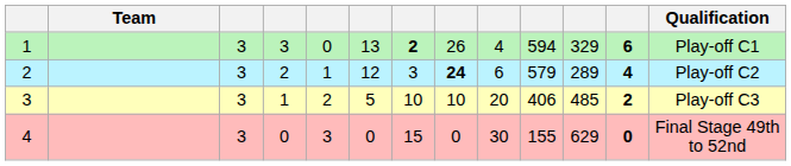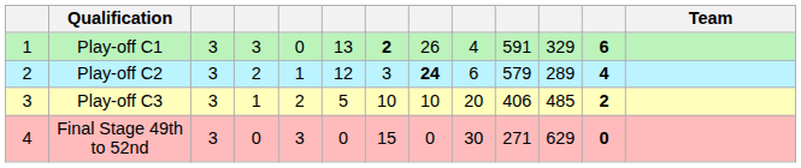 <table class=wikitable style="text-align:center" width=730>
 <tr>
 <th width=5.5%></th>
-<th width=22%>Team</th>
+<th width=18%>Qualification</th>
 <th width=5.5%></th>
 <th width=5.5%></th>
 <th width=5.5%></th>
 <th width=5.5%></th>
 <th width=5.5%></th>
 <th width=5.5%></th>
 <th width=5.5%></th>
 <th width=5.5%></th>
 <th width=5.5%></th>
 <th width=5.5%></th>
-<th width=18%>Qualification</th>
+<th width=22%>Team</th>
 </tr>
 <tr bgcolor=#bbf3bb>
 <td>1</td>
-<td style="text-align:left"></td>
+<td>Play-off C1</td>
 <td>3</td>
 <td>3</td>
 <td>0</td>
 <td>13</td>
 <td><strong>2</strong></td>
 <td>26</td>
 <td>4</td>
-<td>594</td>
+<td>591</td>
 <td>329</td>
 <td><strong>6</strong></td>
-<td>Play-off C1</td>
+<td style="text-align:left"></td>
 </tr>
 <tr bgcolor=#bbf3ff>
 <td>2</td>
-<td style="text-align:left"></td>
+<td>Play-off C2</td>
 <td>3</td>
 <td>2</td>
 <td>1</td>
 <td>12</td>
 <td>3</td>
 <td><strong>24</strong></td>
 <td>6</td>
 <td>579</td>
 <td>289</td>
 <td><strong>4</strong></td>
-<td>Play-off C2</td>
+<td style="text-align:left"></td>
 </tr>
 <tr bgcolor=#ffffbb>
 <td>3</td>
-<td style="text-align:left"></td>
+<td>Play-off C3</td>
 <td>3</td>
 <td>1</td>
 <td>2</td>
 <td>5</td>
 <td>10</td>
 <td>10</td>
 <td>20</td>
 <td>406</td>
 <td>485</td>
 <td><strong>2</strong></td>
-<td>Play-off C3</td>
+<td style="text-align:left"></td>
 </tr>
 <tr bgcolor=#ffbbbb>
 <td>4</td>
-<td style="text-align:left"></td>
+<td>Final Stage 49th to 52nd</td>
 <td>3</td>
 <td>0</td>
 <td>3</td>
 <td>0</td>
 <td>15</td>
 <td>0</td>
 <td>30</td>
-<td>155</td>
+<td>271</td>
 <td>629</td>
 <td><strong>0</strong></td>
-<td>Final Stage 49th to 52nd</td>
+<td style="text-align:left"></td>
 </tr>
 </table>
